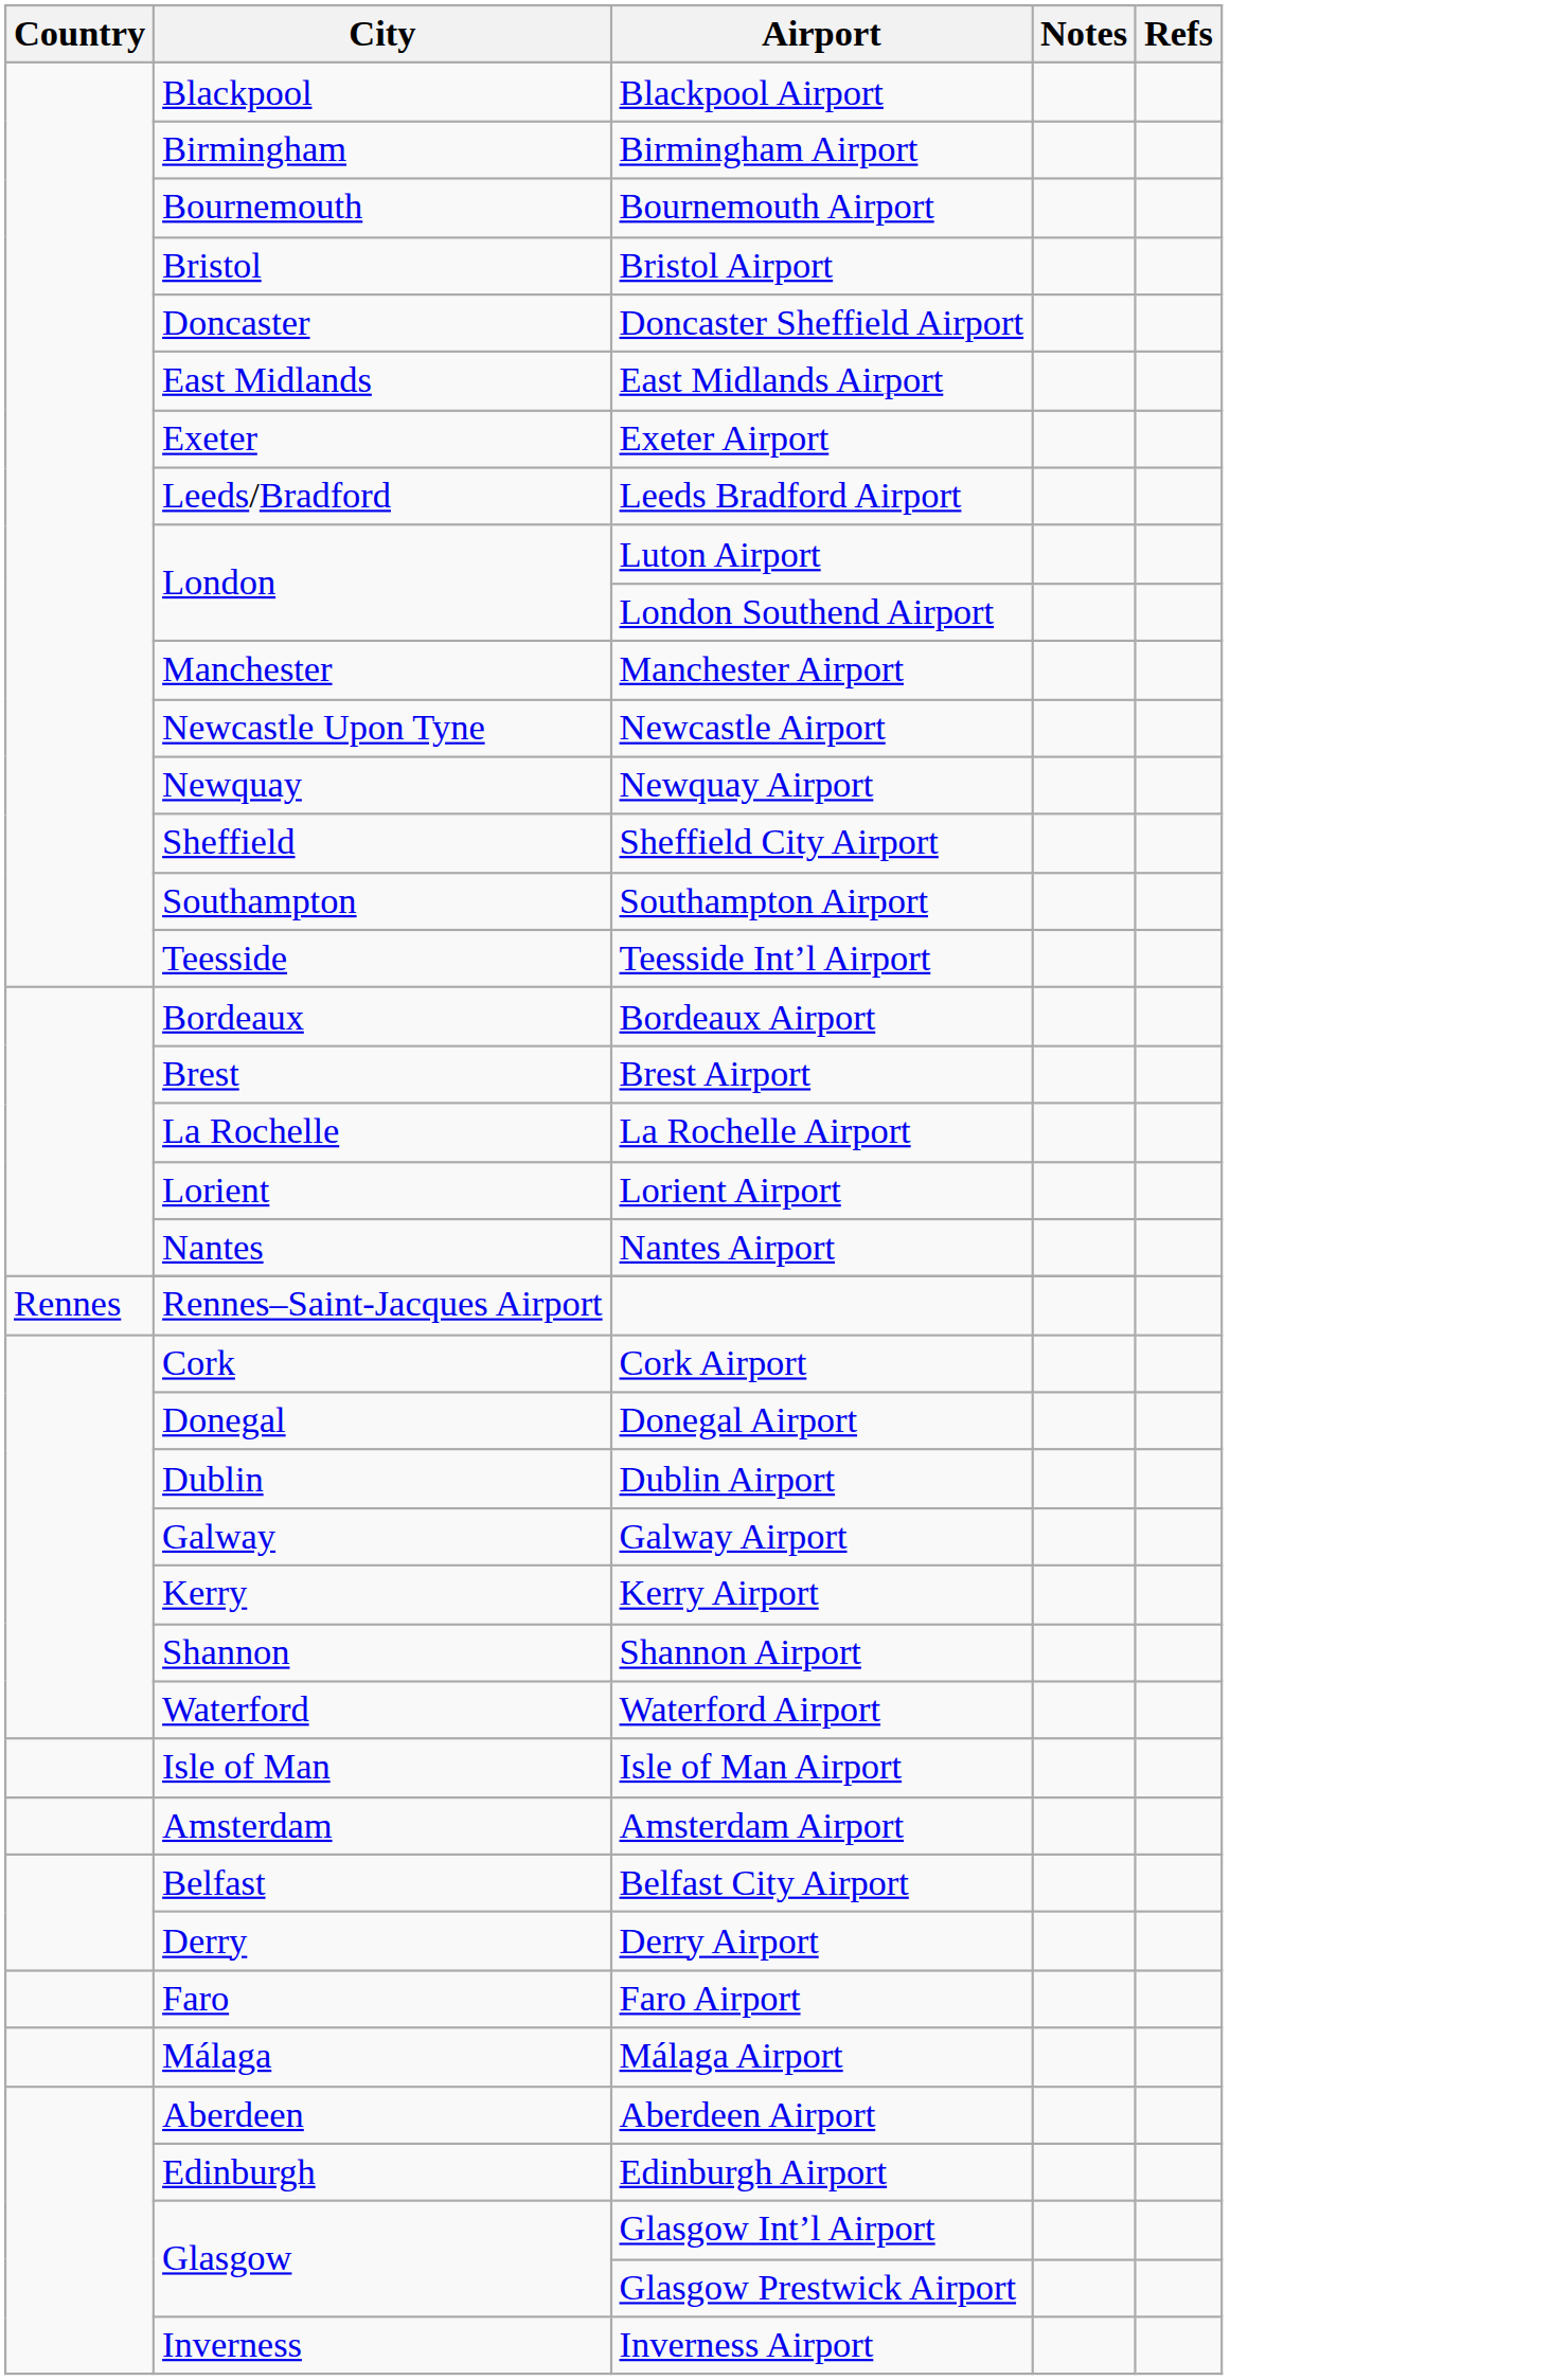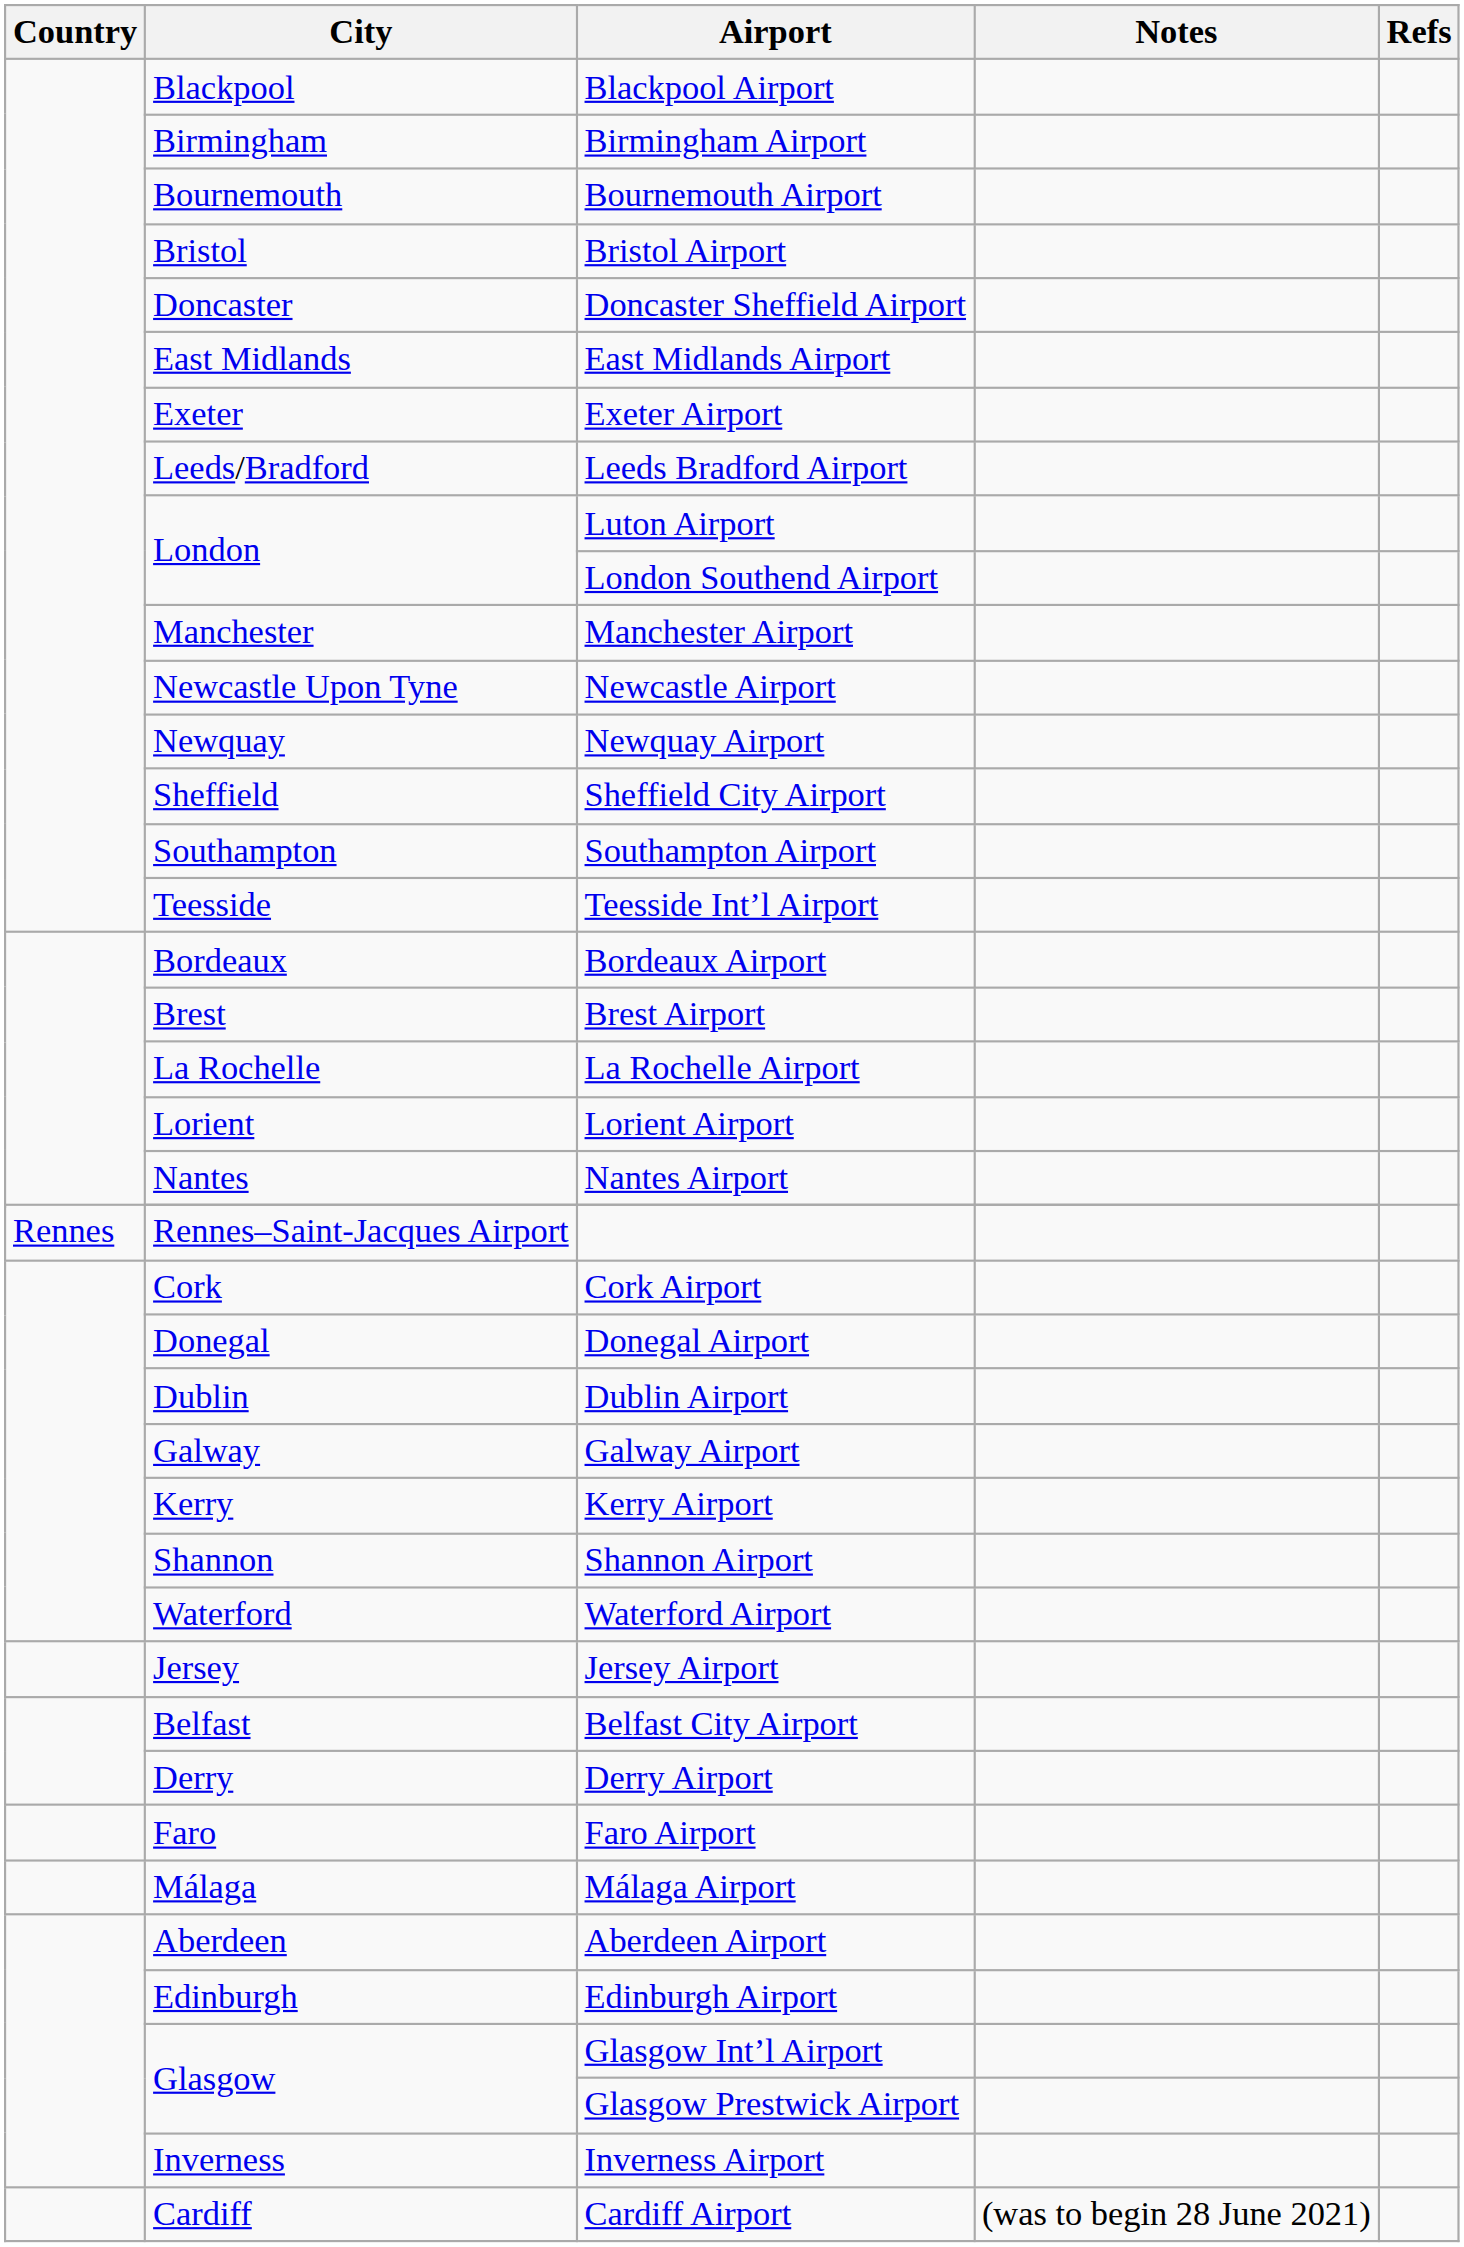 <table class="wikitable">
 <tr>
 <th>Country</th>
 <th>City</th>
 <th>Airport</th>
 <th>Notes</th>
 <th class="unsortable">Refs</th>
 </tr>
 <tr>
 <td rowspan="16"></td>
 <td><a href='#'>Blackpool</a></td>
 <td><a href='#'>Blackpool Airport</a></td>
 <td></td>
 <td></td>
 </tr>
 <tr>
 <td><a href='#'>Birmingham</a></td>
 <td><a href='#'>Birmingham Airport</a></td>
 <td></td>
 <td></td>
 </tr>
 <tr>
 <td><a href='#'>Bournemouth</a></td>
 <td><a href='#'>Bournemouth Airport</a></td>
 <td></td>
 <td></td>
 </tr>
 <tr>
 <td><a href='#'>Bristol</a></td>
 <td><a href='#'>Bristol Airport</a></td>
 <td></td>
 <td></td>
 </tr>
 <tr>
 <td><a href='#'>Doncaster</a></td>
 <td><a href='#'>Doncaster Sheffield Airport</a></td>
 <td></td>
 <td></td>
 </tr>
 <tr>
 <td><a href='#'>East Midlands</a></td>
 <td><a href='#'>East Midlands Airport</a></td>
 <td></td>
 <td align=center></td>
 </tr>
 <tr>
 <td><a href='#'>Exeter</a></td>
 <td><a href='#'>Exeter Airport</a></td>
 <td></td>
 <td align=center></td>
 </tr>
 <tr>
 <td><a href='#'>Leeds</a>/<a href='#'>Bradford</a></td>
 <td><a href='#'>Leeds Bradford Airport</a></td>
 <td></td>
 <td></td>
 </tr>
 <tr>
 <td rowspan="2"><a href='#'>London</a></td>
 <td><a href='#'>Luton Airport</a></td>
 <td></td>
 <td></td>
 </tr>
 <tr>
 <td><a href='#'>London Southend Airport</a></td>
 <td></td>
 <td></td>
 </tr>
 <tr>
 <td><a href='#'>Manchester</a></td>
 <td><a href='#'>Manchester Airport</a></td>
 <td></td>
 <td></td>
 </tr>
 <tr>
 <td><a href='#'>Newcastle Upon Tyne</a></td>
 <td><a href='#'>Newcastle Airport</a></td>
 <td></td>
 <td align=center></td>
 </tr>
 <tr>
 <td><a href='#'>Newquay</a></td>
 <td><a href='#'>Newquay Airport</a></td>
 <td></td>
 <td></td>
 </tr>
 <tr>
 <td><a href='#'>Sheffield</a></td>
 <td><a href='#'>Sheffield City Airport</a></td>
 <td></td>
 <td></td>
 </tr>
 <tr>
 <td><a href='#'>Southampton</a></td>
 <td><a href='#'>Southampton Airport</a></td>
 <td></td>
 <td align=center></td>
 </tr>
 <tr>
 <td><a href='#'>Teesside</a></td>
 <td><a href='#'>Teesside Int’l Airport</a></td>
 <td></td>
 <td></td>
 </tr>
 <tr>
 <td rowspan="6"></td>
 <td><a href='#'>Bordeaux</a></td>
 <td><a href='#'>Bordeaux Airport</a></td>
 <td></td>
 <td></td>
 </tr>
 <tr>
 <td><a href='#'>Brest</a></td>
 <td><a href='#'>Brest Airport</a></td>
 <td></td>
 <td></td>
 </tr>
 <tr>
 <td><a href='#'>La Rochelle</a></td>
 <td><a href='#'>La Rochelle Airport</a></td>
 <td></td>
 <td></td>
 </tr>
 <tr>
 <td><a href='#'>Lorient</a></td>
 <td><a href='#'>Lorient Airport</a></td>
 <td></td>
 <td align=center></td>
 </tr>
 <tr>
 <td><a href='#'>Nantes</a></td>
 <td><a href='#'>Nantes Airport</a></td>
 <td></td>
 <td></td>
 </tr>
 <tr>
 </tr>
 <tr>
 <td><a href='#'>Rennes</a></td>
 <td><a href='#'>Rennes–Saint-Jacques Airport</a></td>
 <td></td>
 <td></td>
 </tr>
 <tr>
 <td rowspan="7"></td>
 <td><a href='#'>Cork</a></td>
 <td><a href='#'>Cork Airport</a></td>
 <td></td>
 <td></td>
 </tr>
 <tr>
 <td><a href='#'>Donegal</a></td>
 <td><a href='#'>Donegal Airport</a></td>
 <td></td>
 <td></td>
 </tr>
 <tr>
 <td><a href='#'>Dublin</a></td>
 <td><a href='#'>Dublin Airport</a></td>
 <td></td>
 <td></td>
 </tr>
 <tr>
 <td><a href='#'>Galway</a></td>
 <td><a href='#'>Galway Airport</a></td>
 <td></td>
 <td></td>
 </tr>
 <tr>
 <td><a href='#'>Kerry</a></td>
 <td><a href='#'>Kerry Airport</a></td>
 <td></td>
 <td></td>
 </tr>
 <tr>
 <td><a href='#'>Shannon</a></td>
 <td><a href='#'>Shannon Airport</a></td>
 <td></td>
 <td></td>
 </tr>
 <tr>
 <td><a href='#'>Waterford</a></td>
 <td><a href='#'>Waterford Airport</a></td>
 <td></td>
 <td></td>
 </tr>
 <tr>
 <td></td>
-<td><a href='#'>Isle of Man</a></td>
-<td><a href='#'>Isle of Man Airport</a></td>
+<td><a href='#'>Jersey</a></td>
+<td><a href='#'>Jersey Airport</a></td>
 <td></td>
-<td></td>
-</tr>
-<tr>
-<td></td>
-<td><a href='#'>Amsterdam</a></td>
-<td><a href='#'>Amsterdam Airport</a></td>
-<td></td>
-<td></td>
+<td align=center></td>
 </tr>
 <tr>
 <td rowspan="2"></td>
 <td><a href='#'>Belfast</a></td>
 <td><a href='#'>Belfast City Airport</a></td>
 <td></td>
 <td></td>
 </tr>
 <tr>
 <td><a href='#'>Derry</a></td>
 <td><a href='#'>Derry Airport</a></td>
 <td></td>
 <td></td>
 </tr>
 <tr>
 <td></td>
 <td><a href='#'>Faro</a></td>
 <td><a href='#'>Faro Airport</a></td>
 <td></td>
 <td></td>
 </tr>
 <tr>
 <td></td>
 <td><a href='#'>Málaga</a></td>
 <td><a href='#'>Málaga Airport</a></td>
 <td></td>
 <td></td>
 </tr>
 <tr>
 <td rowspan="5"></td>
 <td><a href='#'>Aberdeen</a></td>
 <td><a href='#'>Aberdeen Airport</a></td>
 <td></td>
 <td></td>
 </tr>
 <tr>
 <td><a href='#'>Edinburgh</a></td>
 <td><a href='#'>Edinburgh Airport</a></td>
 <td></td>
 <td></td>
 </tr>
 <tr>
 <td rowspan="2"><a href='#'>Glasgow</a></td>
 <td><a href='#'>Glasgow Int’l Airport</a></td>
 <td></td>
 <td></td>
 </tr>
 <tr>
 <td><a href='#'>Glasgow Prestwick Airport</a></td>
 <td></td>
 <td></td>
 </tr>
 <tr>
 <td><a href='#'>Inverness</a></td>
 <td><a href='#'>Inverness Airport</a></td>
 <td></td>
 <td></td>
 </tr>
+<tr>
+<td></td>
+<td><a href='#'>Cardiff</a></td>
+<td><a href='#'>Cardiff Airport</a></td>
+<td>(was to begin 28 June 2021)</td>
+<td align=center></td>
+</tr>
 </table>
